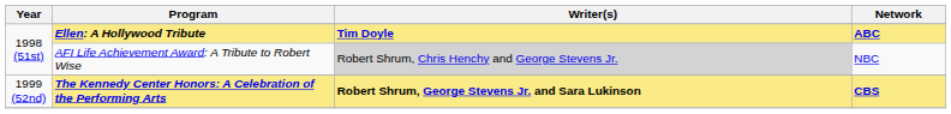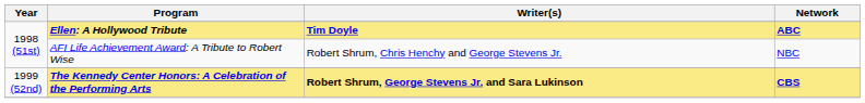 <table class="wikitable" style="width:100%">
 <tr bgcolor="#bebebe">
 <th width="5%">Year</th>
 <th width="30%">Program</th>
 <th width="55%">Writer(s)</th>
 <th width="10%">Network</th>
 </tr>
 <tr>
 <td rowspan=3 style="text-align:center">1998<br><a href='#'>(51st)</a><br></td>
 </tr>
 <tr style="background:#FAEB86">
 <td><strong><em><a href='#'>Ellen</a>: A Hollywood Tribute</em></strong></td>
 <td><strong><a href='#'>Tim Doyle</a></strong></td>
 <td><strong><a href='#'>ABC</a></strong></td>
 </tr>
 <tr>
 <td><em><a href='#'>AFI Life Achievement Award</a>: A Tribute to Robert Wise</em></td>
-<td style="background: lightgrey;">Robert Shrum, <a href='#'>Chris Henchy</a> and <a href='#'>George Stevens Jr.</a></td>
+<td>Robert Shrum, <a href='#'>Chris Henchy</a> and <a href='#'>George Stevens Jr.</a></td>
 <td><a href='#'>NBC</a></td>
 </tr>
 <tr>
 <td rowspan=2 style="text-align:center">1999<br><a href='#'>(52nd)</a><br></td>
 </tr>
 <tr style="background:#FAEB86">
 <td><strong><em><a href='#'>The Kennedy Center Honors: A Celebration of the Performing Arts</a></em></strong></td>
 <td><strong>Robert Shrum, <a href='#'>George Stevens Jr.</a> and Sara Lukinson</strong></td>
 <td><strong><a href='#'>CBS</a></strong></td>
 </tr>
 <tr>
 </tr>
 </table>
